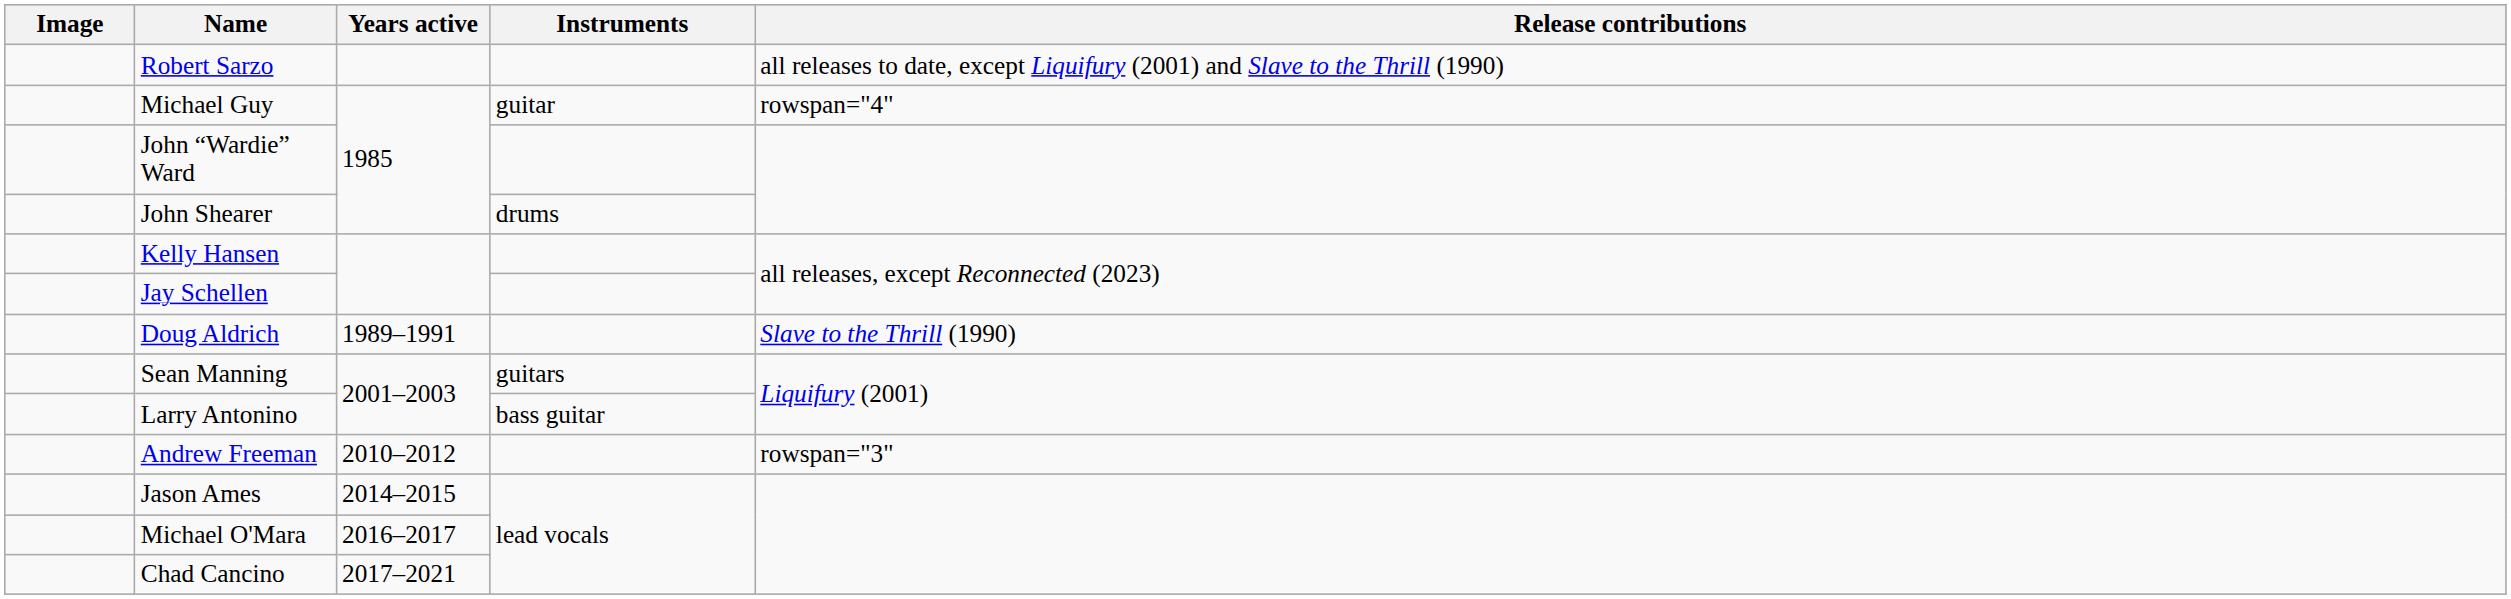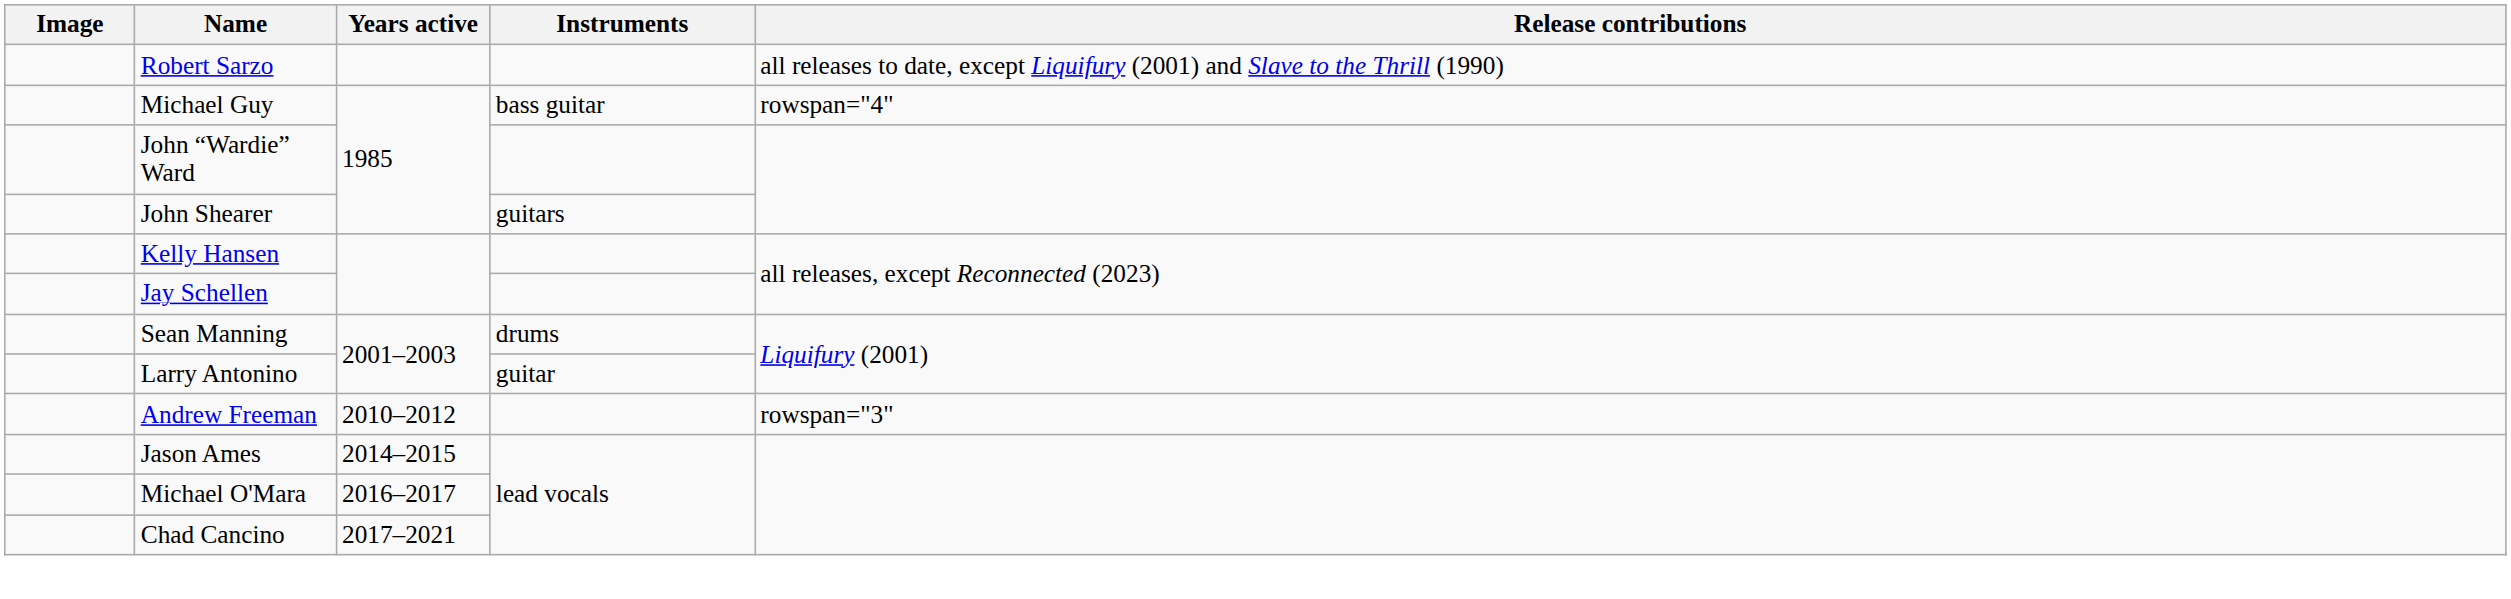 <table class="wikitable" width="100%" border="1">
 <tr>
 <th width="75">Image</th>
 <th width="120">Name</th>
 <th width="90">Years active</th>
 <th width="160">Instruments</th>
 <th>Release contributions</th>
 </tr>
 <tr>
 <td></td>
 <td><a href='#'>Robert Sarzo</a></td>
 <td></td>
 <td></td>
 <td>all releases to date, except <em><a href='#'>Liquifury</a></em> (2001) and <em><a href='#'>Slave to the Thrill</a></em> (1990)</td>
 </tr>
 <tr>
 <td></td>
 <td>Michael Guy</td>
 <td rowspan="3">1985</td>
-<td>guitar</td>
+<td>bass guitar</td>
 <td>rowspan="4" </td>
 </tr>
 <tr>
 <td></td>
 <td>John “Wardie” Ward</td>
 <td></td>
 </tr>
 <tr>
 <td></td>
 <td>John Shearer</td>
-<td>drums</td>
+<td>guitars</td>
 </tr>
 <tr>
 <td></td>
 <td><a href='#'>Kelly Hansen</a></td>
 <td rowspan="2"></td>
 <td></td>
 <td rowspan="2">all releases, except <em>Reconnected</em> (2023)</td>
 </tr>
 <tr>
 <td></td>
 <td><a href='#'>Jay Schellen</a></td>
 <td></td>
 </tr>
 <tr>
 <td></td>
-<td><a href='#'>Doug Aldrich</a></td>
-<td>1989–1991</td>
-<td></td>
-<td><em><a href='#'>Slave to the Thrill</a></em> (1990)</td>
-</tr>
-<tr>
-<td></td>
 <td>Sean Manning</td>
 <td rowspan="2">2001–2003</td>
-<td>guitars</td>
+<td>drums</td>
 <td rowspan="2"><em><a href='#'>Liquifury</a></em> (2001)</td>
 </tr>
 <tr>
 <td></td>
 <td>Larry Antonino</td>
-<td>bass guitar</td>
+<td>guitar</td>
 </tr>
 <tr>
 <td></td>
 <td><a href='#'>Andrew Freeman</a></td>
 <td>2010–2012</td>
 <td></td>
 <td>rowspan="3" </td>
 </tr>
 <tr>
 <td></td>
 <td>Jason Ames</td>
 <td>2014–2015</td>
 <td rowspan="3">lead vocals</td>
 </tr>
 <tr>
 <td></td>
 <td>Michael O'Mara</td>
 <td>2016–2017</td>
 </tr>
 <tr>
 <td></td>
 <td>Chad Cancino</td>
 <td>2017–2021</td>
 </tr>
 </table>
